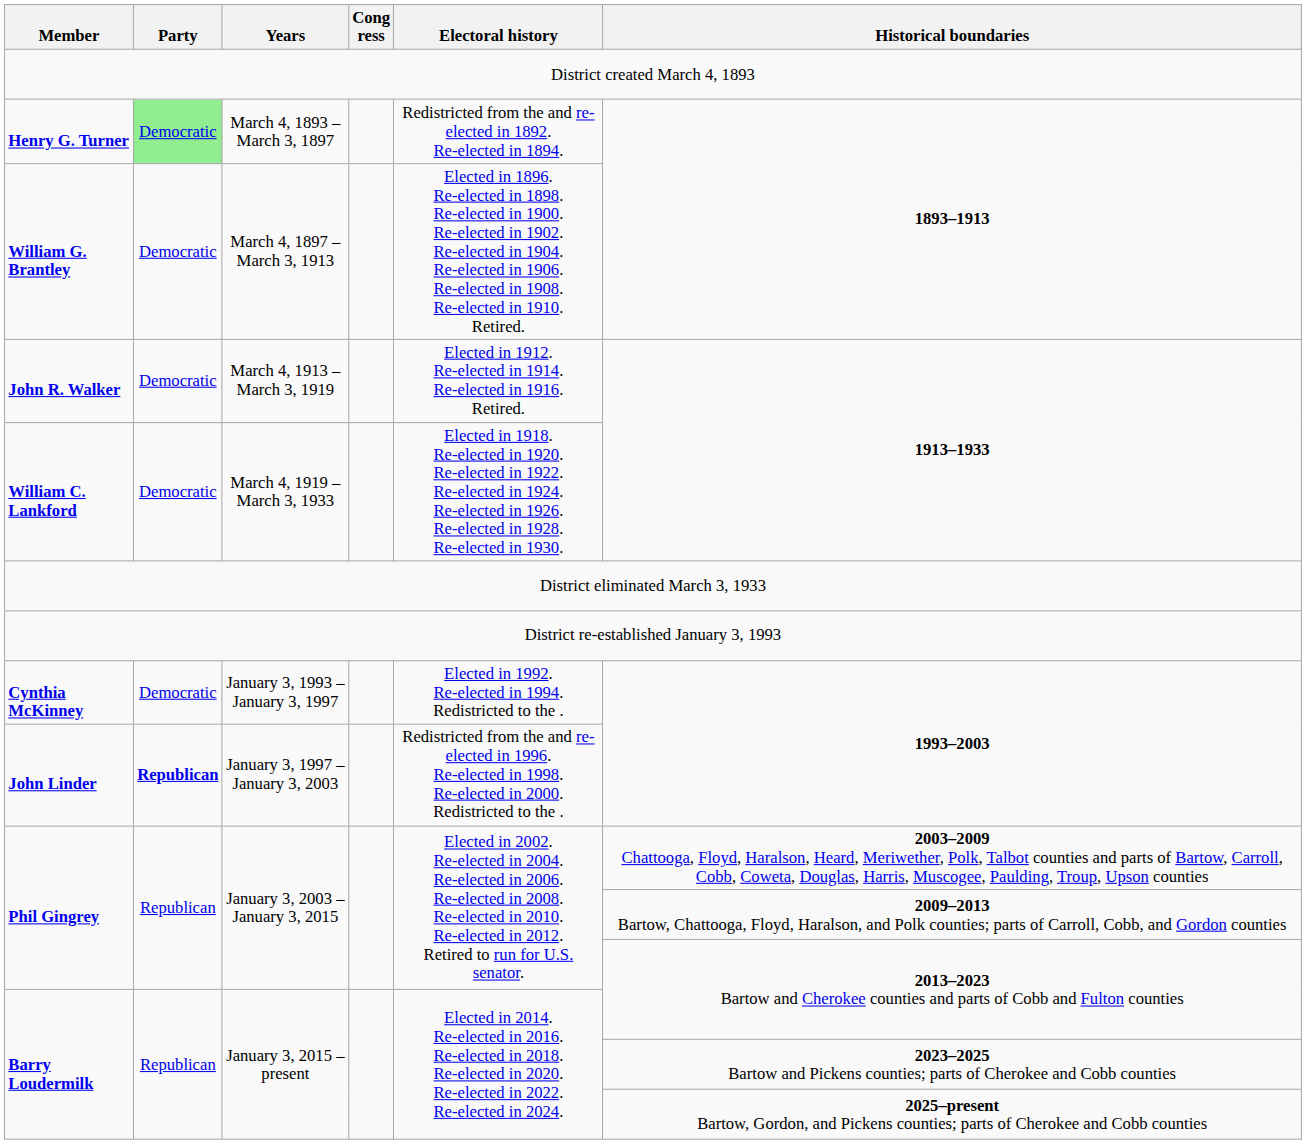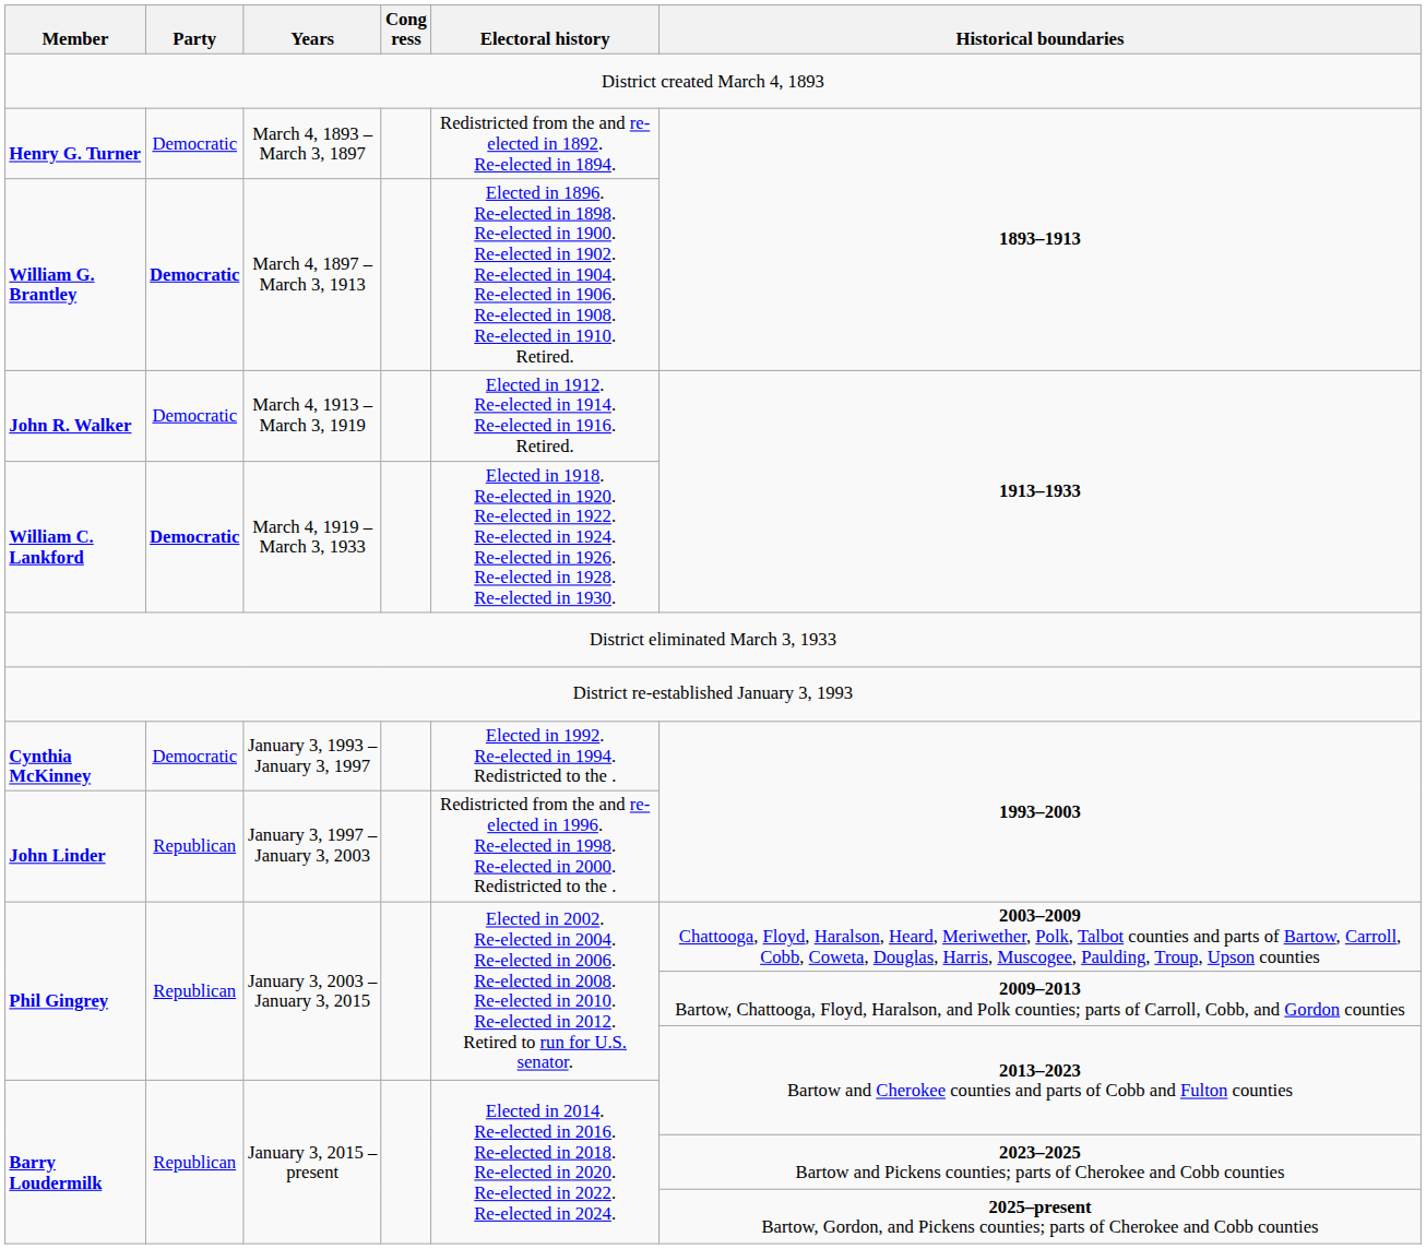 <table class=wikitable style="text-align:center">
 <tr valign=bottom>
 <th>Member</th>
 <th>Party</th>
 <th>Years</th>
 <th>Cong<br>ress</th>
 <th>Electoral history</th>
 <th>Historical boundaries</th>
 </tr>
 <tr style="height:3em">
 <td colspan=6>District created March 4, 1893</td>
 </tr>
 <tr style="height:3em">
 <td align=left><br><strong><a href='#'>Henry G. Turner</a></strong><br></td>
-<td style="background: lightgreen;"><a href='#'>Democratic</a></td>
+<td><a href='#'>Democratic</a></td>
 <td nowrap>March 4, 1893 –<br>March 3, 1897</td>
 <td></td>
 <td>Redistricted from the  and <a href='#'>re-elected in 1892</a>.<br><a href='#'>Re-elected in 1894</a>.</td>
 <td rowspan=2><strong>1893–1913</strong><br></td>
 </tr>
 <tr style="height:3em">
 <td align=left><br><strong><a href='#'>William G. Brantley</a></strong><br></td>
-<td><a href='#'>Democratic</a></td>
+<td><strong><a href='#'>Democratic</a></strong></td>
 <td nowrap>March 4, 1897 –<br>March 3, 1913</td>
 <td></td>
 <td><a href='#'>Elected in 1896</a>.<br><a href='#'>Re-elected in 1898</a>.<br><a href='#'>Re-elected in 1900</a>.<br><a href='#'>Re-elected in 1902</a>.<br><a href='#'>Re-elected in 1904</a>.<br><a href='#'>Re-elected in 1906</a>.<br><a href='#'>Re-elected in 1908</a>.<br><a href='#'>Re-elected in 1910</a>.<br>Retired.</td>
 </tr>
 <tr style="height:3em">
 <td align=left><br><strong><a href='#'>John R. Walker</a></strong><br></td>
 <td><a href='#'>Democratic</a></td>
 <td nowrap>March 4, 1913 –<br>March 3, 1919</td>
 <td></td>
 <td><a href='#'>Elected in 1912</a>.<br><a href='#'>Re-elected in 1914</a>.<br><a href='#'>Re-elected in 1916</a>.<br>Retired.</td>
 <td rowspan=2><strong>1913–1933</strong><br></td>
 </tr>
 <tr style="height:3em">
 <td align=left><br><strong><a href='#'>William C. Lankford</a></strong><br></td>
-<td><a href='#'>Democratic</a></td>
+<td><strong><a href='#'>Democratic</a></strong></td>
 <td nowrap>March 4, 1919 –<br>March 3, 1933</td>
 <td></td>
 <td><a href='#'>Elected in 1918</a>.<br><a href='#'>Re-elected in 1920</a>.<br><a href='#'>Re-elected in 1922</a>.<br><a href='#'>Re-elected in 1924</a>.<br><a href='#'>Re-elected in 1926</a>.<br><a href='#'>Re-elected in 1928</a>.<br><a href='#'>Re-elected in 1930</a>.</td>
 </tr>
 <tr style="height:3em">
 <td colspan=6>District eliminated March 3, 1933</td>
 </tr>
 <tr style="height:3em">
 <td colspan=6>District re-established January 3, 1993</td>
 </tr>
 <tr style="height:3em">
 <td align=left><br><strong><a href='#'>Cynthia McKinney</a></strong><br></td>
 <td><a href='#'>Democratic</a></td>
 <td nowrap>January 3, 1993 –<br>January 3, 1997</td>
 <td></td>
 <td><a href='#'>Elected in 1992</a>.<br><a href='#'>Re-elected in 1994</a>.<br>Redistricted to the .</td>
 <td rowspan=2><strong>1993–2003</strong><br></td>
 </tr>
 <tr style="height:3em">
 <td align=left><br><strong><a href='#'>John Linder</a></strong><br></td>
-<td><strong><a href='#'>Republican</a></strong></td>
+<td><a href='#'>Republican</a></td>
 <td nowrap>January 3, 1997 –<br>January 3, 2003</td>
 <td></td>
 <td>Redistricted from the  and <a href='#'>re-elected in 1996</a>.<br><a href='#'>Re-elected in 1998</a>.<br><a href='#'>Re-elected in 2000</a>.<br>Redistricted to the .</td>
 </tr>
 <tr style="height:3em">
 <td rowspan=3 align=left><br><strong><a href='#'>Phil Gingrey</a></strong><br></td>
 <td rowspan=3 ><a href='#'>Republican</a></td>
 <td rowspan=3 nowrap>January 3, 2003 –<br>January 3, 2015</td>
 <td rowspan=3></td>
 <td rowspan=3><a href='#'>Elected in 2002</a>.<br><a href='#'>Re-elected in 2004</a>.<br><a href='#'>Re-elected in 2006</a>.<br><a href='#'>Re-elected in 2008</a>.<br><a href='#'>Re-elected in 2010</a>.<br><a href='#'>Re-elected in 2012</a>.<br>Retired to <a href='#'>run for U.S. senator</a>.</td>
 <td><strong>2003–2009</strong><br><a href='#'>Chattooga</a>, <a href='#'>Floyd</a>, <a href='#'>Haralson</a>, <a href='#'>Heard</a>, <a href='#'>Meriwether</a>, <a href='#'>Polk</a>, <a href='#'>Talbot</a> counties and parts of <a href='#'>Bartow</a>, <a href='#'>Carroll</a>, <a href='#'>Cobb</a>, <a href='#'>Coweta</a>, <a href='#'>Douglas</a>, <a href='#'>Harris</a>, <a href='#'>Muscogee</a>, <a href='#'>Paulding</a>, <a href='#'>Troup</a>, <a href='#'>Upson</a> counties<br></td>
 </tr>
 <tr style="height:3em">
 <td><strong>2009–2013</strong><br>Bartow, Chattooga, Floyd, Haralson, and Polk counties; parts of Carroll, Cobb, and <a href='#'>Gordon</a> counties<br></td>
 </tr>
 <tr style="height:3em">
 <td rowspan="2"><strong>2013–2023</strong><br>Bartow and <a href='#'>Cherokee</a> counties and parts of Cobb and <a href='#'>Fulton</a> counties<br></td>
 </tr>
 <tr style="height:3em">
 <td rowspan=3 align=left><br><strong><a href='#'>Barry Loudermilk</a></strong><br></td>
 <td rowspan=3 nowrap ><a href='#'>Republican</a></td>
 <td rowspan=3 nowrap>January 3, 2015 –<br>present</td>
 <td rowspan=3></td>
 <td rowspan=3><a href='#'>Elected in 2014</a>.<br><a href='#'>Re-elected in 2016</a>.<br><a href='#'>Re-elected in 2018</a>.<br><a href='#'>Re-elected in 2020</a>.<br><a href='#'>Re-elected in 2022</a>.<br><a href='#'>Re-elected in 2024</a>.</td>
 </tr>
 <tr style="height:3em">
 <td><strong>2023–2025</strong><br>Bartow and Pickens counties; parts of Cherokee and Cobb counties<br></td>
 </tr>
 <tr style="height:3em">
 <td><strong>2025–present</strong><br>Bartow, Gordon, and Pickens counties; parts of Cherokee and Cobb counties<br></td>
 </tr>
 </table>
